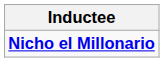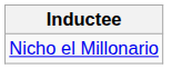 <table class="wikitable">
 <tr>
 <th>Inductee</th>
 </tr>
 <tr>
-<td><strong><a href='#'>Nicho el Millonario</a></strong></td>
+<td><a href='#'>Nicho el Millonario</a></td>
 </tr>
 </table>
